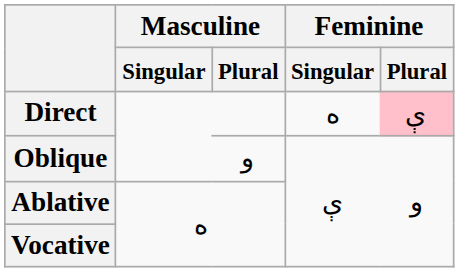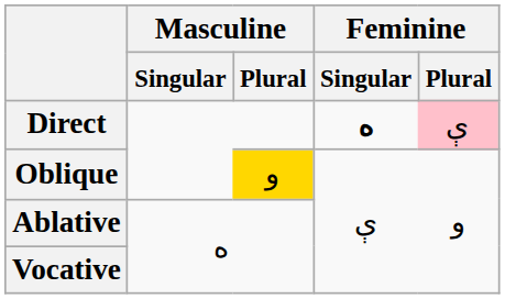 <table class="wikitable" style="text-align: center">
 <tr>
 <th rowspan="2"></th>
 <th colspan="2">Masculine</th>
 <th colspan="2">Feminine</th>
 </tr>
 <tr>
 <th style="border-right;"><small>Singular</small></th>
 <th style="border-left;"><small>Plural</small></th>
 <th style="border-right;"><small>Singular</small></th>
 <th style="border-left;"><small>Plural</small></th>
 </tr>
 <tr>
 <th>Direct</th>
 <td rowspan="2" style="border-right: none;"></td>
 <td style="border-left: none;"></td>
-<td style="border-right: none;">ه<br></td>
+<td style="border-right: none;"><strong>ه<br></strong></td>
 <td style="background: pink; border-left: none;">ې<br></td>
 </tr>
 <tr>
 <th>Oblique</th>
-<td style="border-left: none;">و<br></td>
+<td style="background: gold; border-left: none;">و<br></td>
 <td rowspan="3" style="border-right: none;">ې<br></td>
 <td rowspan="3" style="border-left: none;">و<br></td>
 </tr>
 <tr>
 <th>Ablative</th>
 <td colspan="2" rowspan="2" style="border-right: none;">ه<br></td>
 </tr>
 <tr>
 <th>Vocative</th>
 </tr>
 </table>
